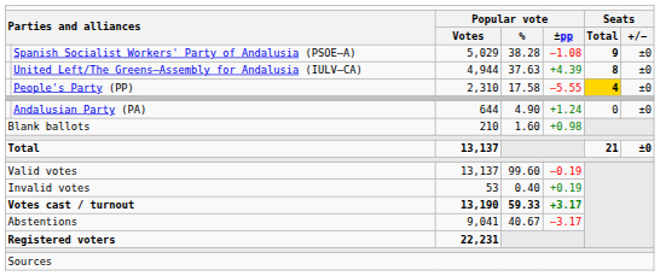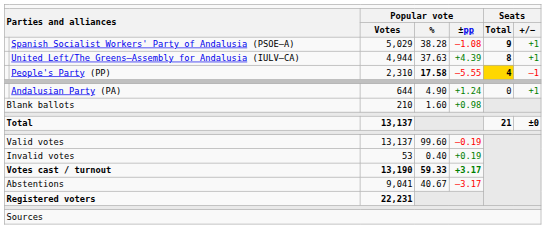 <table class="wikitable" style="text-align:right;">
 <tr>
 <td colspan="7"></td>
 </tr>
 <tr>
 <th style="text-align:left;" rowspan="2" colspan="2" width="525">Parties and alliances</th>
 <th colspan="3">Popular vote</th>
 <th colspan="2">Seats</th>
 </tr>
 <tr>
 <th width="75">Votes</th>
 <th width="45">%</th>
 <th width="45">±<a href='#'>pp</a></th>
 <th width="35">Total</th>
 <th width="35">+/−</th>
 </tr>
 <tr>
 <td width="1" style="color:inherit;background:"></td>
 <td align="left"><a href='#'>Spanish Socialist Workers' Party of Andalusia</a> (PSOE–A)</td>
 <td>5,029</td>
 <td>38.28</td>
 <td style="color:red;">–1.08</td>
 <td><strong>9</strong></td>
-<td>±0</td>
+<td style="color:green;">+1</td>
 </tr>
 <tr>
 <td style="color:inherit;background:"></td>
 <td align="left"><a href='#'>United Left/The Greens–Assembly for Andalusia</a> (IULV–CA)</td>
 <td>4,944</td>
 <td>37.63</td>
 <td style="color:green;">+4.39</td>
 <td><strong>8</strong></td>
-<td>±0</td>
+<td style="color:green;">+1</td>
 </tr>
 <tr>
 <td style="color:inherit;background:"></td>
 <td align="left"><a href='#'>People's Party</a> (PP)</td>
 <td>2,310</td>
-<td>17.58</td>
+<td><strong>17.58</strong></td>
 <td style="color:red;">–5.55</td>
 <td style="background: gold;"><strong>4</strong></td>
-<td>±0</td>
+<td style="color:red;">–1</td>
 </tr>
 <tr>
 <td colspan="7" bgcolor="#C0C0C0"></td>
 </tr>
 <tr>
 <td style="color:inherit;background:"></td>
 <td align="left"><a href='#'>Andalusian Party</a> (PA)</td>
 <td>644</td>
 <td>4.90</td>
 <td style="color:green;">+1.24</td>
 <td>0</td>
-<td>±0</td>
+<td style="color:green;">+1</td>
 </tr>
 <tr>
 <td align="left" colspan="2">Blank ballots</td>
 <td>210</td>
 <td>1.60</td>
 <td style="color:green;">+0.98</td>
 <td bgcolor="#E9E9E9" colspan="2"></td>
 </tr>
 <tr>
 <td colspan="7" bgcolor="#E9E9E9"></td>
 </tr>
 <tr style="font-weight:bold;">
 <td align="left" colspan="2">Total</td>
 <td>13,137</td>
 <td bgcolor="#E9E9E9" colspan="2"></td>
 <td>21</td>
 <td>±0</td>
 </tr>
 <tr>
 <td colspan="7" bgcolor="#E9E9E9"></td>
 </tr>
 <tr>
 <td align="left" colspan="2">Valid votes</td>
 <td>13,137</td>
 <td>99.60</td>
 <td style="color:red;">–0.19</td>
 <td bgcolor="#E9E9E9" colspan="2" rowspan="5"></td>
 </tr>
 <tr>
 <td align="left" colspan="2">Invalid votes</td>
 <td>53</td>
 <td>0.40</td>
 <td style="color:green;">+0.19</td>
 </tr>
 <tr style="font-weight:bold;">
 <td align="left" colspan="2">Votes cast / turnout</td>
 <td>13,190</td>
 <td>59.33</td>
 <td style="color:green;">+3.17</td>
 </tr>
 <tr>
 <td align="left" colspan="2">Abstentions</td>
 <td>9,041</td>
 <td>40.67</td>
 <td style="color:red;">–3.17</td>
 </tr>
 <tr style="font-weight:bold;">
 <td align="left" colspan="2">Registered voters</td>
 <td>22,231</td>
 <td bgcolor="#E9E9E9" colspan="2"></td>
 </tr>
 <tr>
 <td colspan="7" bgcolor="#E9E9E9"></td>
 </tr>
 <tr>
 <td align="left" colspan="7">Sources</td>
 </tr>
 </table>
